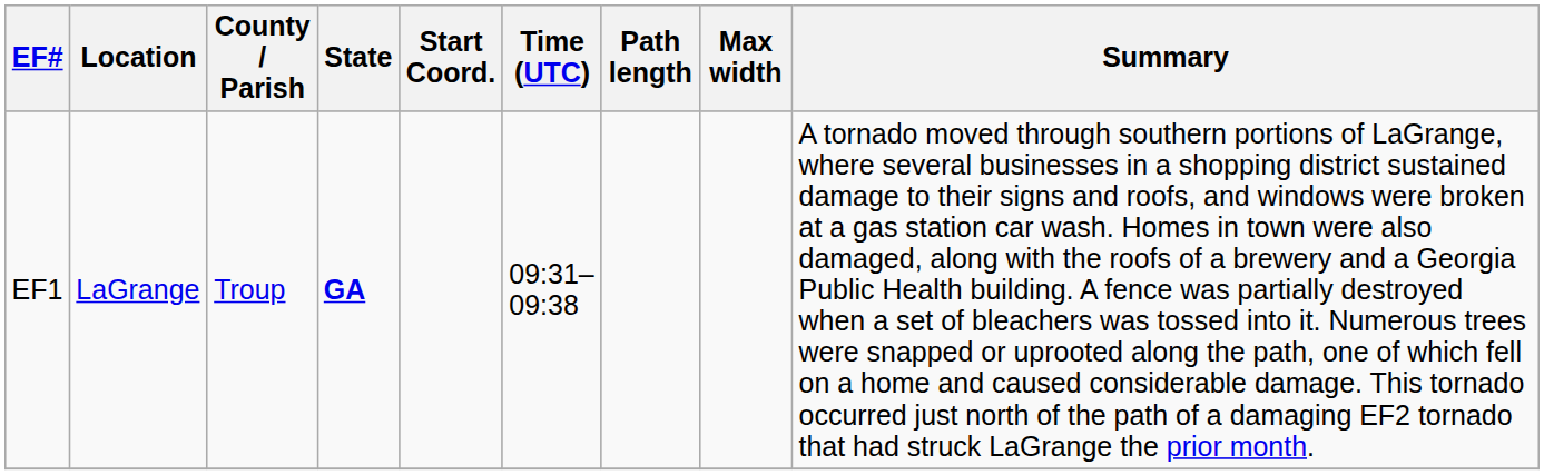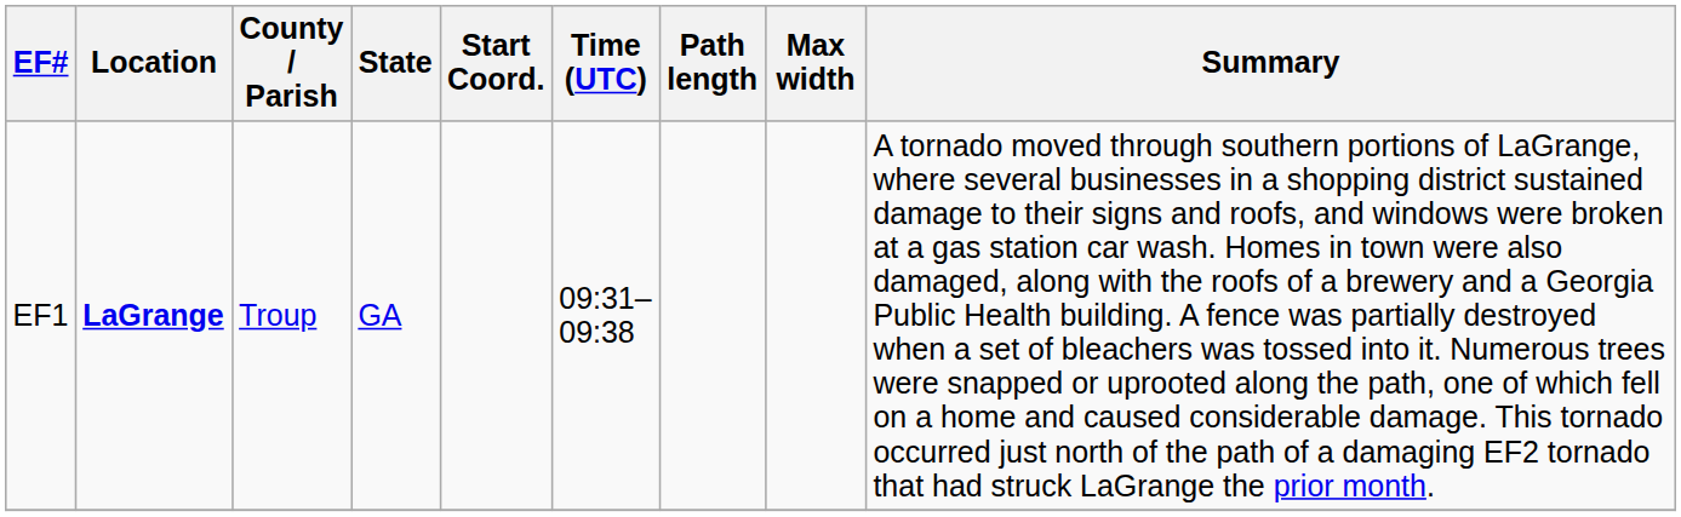 <table class="wikitable sortable" style="width:100%;">
 <tr>
 <th scope="col"  style="width:3%; text-align:center;"><a href='#'>EF#</a></th>
 <th scope="col"  style="width:7%; text-align:center;" class="unsortable">Location</th>
 <th scope="col"  style="width:6%; text-align:center;" class="unsortable">County / Parish</th>
 <th scope="col"  style="width:5%; text-align:center;">State</th>
 <th scope="col"  style="width:6%; text-align:center;">Start Coord.</th>
 <th scope="col"  style="width:6%; text-align:center;">Time (<a href='#'>UTC</a>)</th>
 <th scope="col"  style="width:6%; text-align:center;">Path length</th>
 <th scope="col"  style="width:6%; text-align:center;">Max width</th>
 <th scope="col" class="unsortable" style="width:48%; text-align:center;">Summary</th>
 </tr>
 <tr>
 <td>EF1</td>
-<td><a href='#'>LaGrange</a></td>
+<td><strong><a href='#'>LaGrange</a></strong></td>
 <td><a href='#'>Troup</a></td>
-<td><strong><a href='#'>GA</a></strong></td>
+<td><a href='#'>GA</a></td>
 <td></td>
 <td>09:31–09:38</td>
 <td></td>
 <td></td>
 <td>A tornado moved through southern portions of LaGrange, where several businesses in a shopping district sustained damage to their signs and roofs, and windows were broken at a gas station car wash. Homes in town were also damaged, along with the roofs of a brewery and a Georgia Public Health building. A fence was partially destroyed when a set of bleachers was tossed into it. Numerous trees were snapped or uprooted along the path, one of which fell on a home and caused considerable damage. This tornado occurred just north of the path of a damaging EF2 tornado that had struck LaGrange the <a href='#'>prior month</a>.</td>
 </tr>
 <tr>
 </tr>
 </table>
